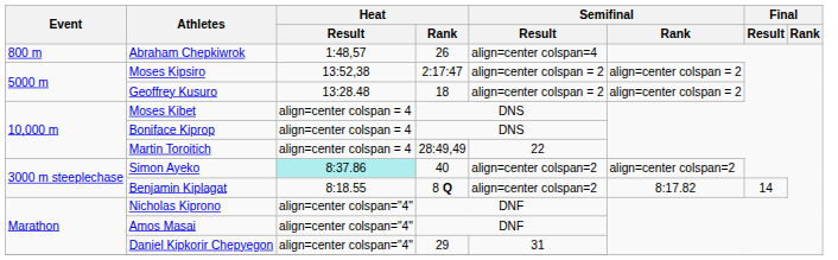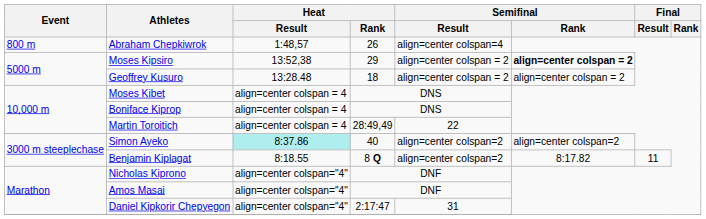 <table class="wikitable" border="1" style="font-size:90%">
 <tr>
 <th rowspan="2">Event</th>
 <th rowspan="2">Athletes</th>
 <th colspan="2">Heat</th>
 <th colspan="2">Semifinal</th>
 <th colspan="2">Final</th>
 </tr>
 <tr>
 <th>Result</th>
 <th>Rank</th>
 <th>Result</th>
 <th>Rank</th>
 <th>Result</th>
 <th>Rank</th>
 </tr>
 <tr>
 <td><a href='#'>800 m</a></td>
 <td><a href='#'>Abraham Chepkiwrok</a></td>
 <td align=center>1:48,57</td>
 <td align=center>26</td>
 <td>align=center colspan=4 </td>
 </tr>
 <tr>
 <td rowspan=2><a href='#'>5000 m</a></td>
 <td><a href='#'>Moses Kipsiro</a></td>
 <td align=center>13:52,38</td>
-<td align=center>2:17:47</td>
+<td align=center>29</td>
 <td>align=center colspan = 2 </td>
-<td>align=center colspan = 2 </td>
+<td><strong>align=center colspan = 2 </strong></td>
 </tr>
 <tr>
 <td><a href='#'>Geoffrey Kusuro</a></td>
 <td align=center>13:28.48</td>
 <td align=center>18</td>
 <td>align=center colspan = 2 </td>
 <td>align=center colspan = 2 </td>
 </tr>
 <tr>
 <td rowspan=3><a href='#'>10,000 m</a></td>
 <td><a href='#'>Moses Kibet</a></td>
 <td>align=center colspan = 4 </td>
 <td align=center colspan=2>DNS</td>
 </tr>
 <tr>
 <td><a href='#'>Boniface Kiprop</a></td>
 <td>align=center colspan = 4 </td>
 <td align=center colspan=2>DNS</td>
 </tr>
 <tr>
 <td><a href='#'>Martin Toroitich</a></td>
 <td>align=center colspan = 4 </td>
 <td align=center>28:49,49</td>
 <td align=center>22</td>
 </tr>
 <tr>
 <td rowspan=2><a href='#'>3000 m steeplechase</a></td>
 <td><a href='#'>Simon Ayeko</a></td>
 <td align=center style="background: paleturquoise;">8:37.86</td>
 <td align=center>40</td>
 <td>align=center colspan=2 </td>
 <td>align=center colspan=2 </td>
 </tr>
 <tr>
 <td><a href='#'>Benjamin Kiplagat</a></td>
 <td align=center>8:18.55</td>
 <td align=center>8 <strong>Q</strong></td>
 <td>align=center colspan=2 </td>
 <td align=center>8:17.82</td>
-<td align=center>14</td>
+<td align=center>11</td>
 </tr>
 <tr>
 <td rowspan=3><a href='#'>Marathon</a></td>
 <td><a href='#'>Nicholas Kiprono</a></td>
 <td>align=center colspan="4" </td>
 <td align=center colspan=2>DNF</td>
 </tr>
 <tr>
 <td><a href='#'>Amos Masai</a></td>
 <td>align=center colspan="4" </td>
 <td align=center colspan=2>DNF</td>
 </tr>
 <tr>
 <td><a href='#'>Daniel Kipkorir Chepyegon</a></td>
 <td>align=center colspan="4" </td>
-<td align=center>29</td>
+<td align=center>2:17:47</td>
 <td align=center>31</td>
 </tr>
 <tr>
 </tr>
 </table>
